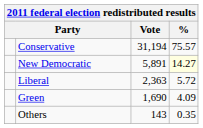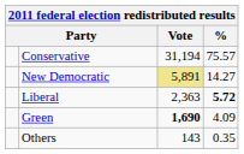 <table class="wikitable">
 <tr>
 <th colspan="4"><a href='#'>2011 federal election</a> redistributed results</th>
 </tr>
 <tr>
 <th bgcolor="#DDDDFF" width="130px" colspan="2">Party</th>
 <th bgcolor="#DDDDFF" width="50px">Vote</th>
 <th bgcolor="#DDDDFF" width="30px">%</th>
 </tr>
 <tr>
 <td> </td>
 <td><a href='#'>Conservative</a></td>
 <td align=right>31,194</td>
 <td align=right>75.57</td>
 </tr>
 <tr>
 <td> </td>
 <td><a href='#'>New Democratic</a></td>
-<td align=right>5,891</td>
-<td align=right style="background: lightyellow;">14.27</td>
+<td align=right style="background: khaki;">5,891</td>
+<td align=right>14.27</td>
 </tr>
 <tr>
 <td> </td>
 <td><a href='#'>Liberal</a></td>
 <td align=right>2,363</td>
-<td align=right>5.72</td>
+<td align=right><strong>5.72</strong></td>
 </tr>
 <tr>
 <td> </td>
 <td><a href='#'>Green</a></td>
-<td align=right>1,690</td>
+<td align=right><strong>1,690</strong></td>
 <td align=right>4.09</td>
 </tr>
 <tr>
 <td> </td>
 <td>Others</td>
 <td align=right>143</td>
 <td align=right>0.35</td>
 </tr>
 </table>
